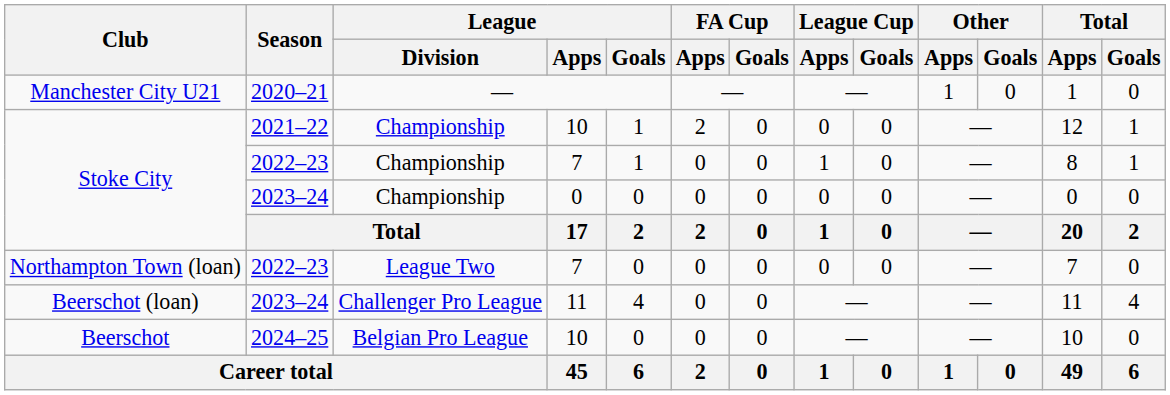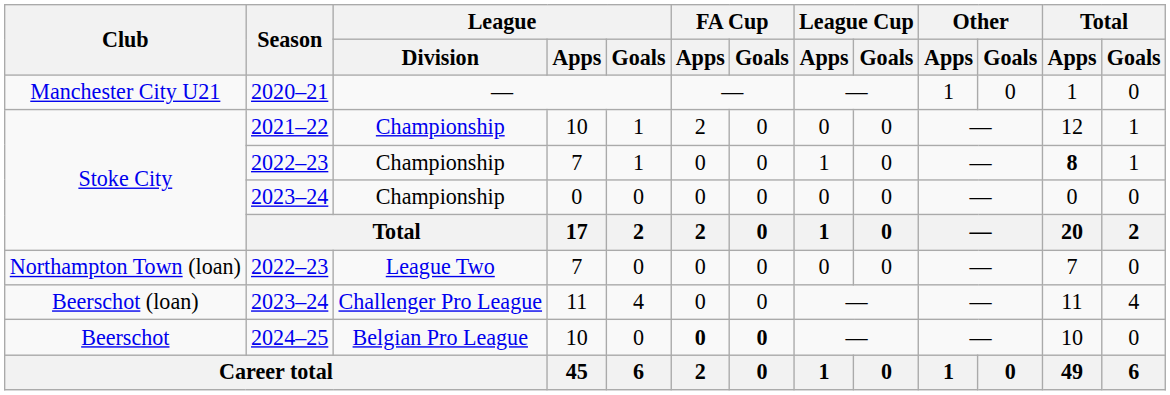 <table class="wikitable" style="text-align: center;">
 <tr>
 <th rowspan="2">Club</th>
 <th rowspan="2">Season</th>
 <th colspan="3">League</th>
 <th colspan="2">FA Cup</th>
 <th colspan="2">League Cup</th>
 <th colspan="2">Other</th>
 <th colspan="2">Total</th>
 </tr>
 <tr>
 <th>Division</th>
 <th>Apps</th>
 <th>Goals</th>
 <th>Apps</th>
 <th>Goals</th>
 <th>Apps</th>
 <th>Goals</th>
 <th>Apps</th>
 <th>Goals</th>
 <th>Apps</th>
 <th>Goals</th>
 </tr>
 <tr>
 <td><a href='#'>Manchester City U21</a></td>
 <td><a href='#'>2020–21</a></td>
 <td colspan=3>—</td>
 <td colspan=2>—</td>
 <td colspan=2>—</td>
 <td>1</td>
 <td>0</td>
 <td>1</td>
 <td>0</td>
 </tr>
 <tr>
 <td rowspan=4><a href='#'>Stoke City</a></td>
 <td><a href='#'>2021–22</a></td>
 <td><a href='#'>Championship</a></td>
 <td>10</td>
 <td>1</td>
 <td>2</td>
 <td>0</td>
 <td>0</td>
 <td>0</td>
 <td colspan=2>—</td>
 <td>12</td>
 <td>1</td>
 </tr>
 <tr>
 <td><a href='#'>2022–23</a></td>
 <td>Championship</td>
 <td>7</td>
 <td>1</td>
 <td>0</td>
 <td>0</td>
 <td>1</td>
 <td>0</td>
 <td colspan=2>—</td>
-<td>8</td>
+<td><strong>8</strong></td>
 <td>1</td>
 </tr>
 <tr>
 <td><a href='#'>2023–24</a></td>
 <td>Championship</td>
 <td>0</td>
 <td>0</td>
 <td>0</td>
 <td>0</td>
 <td>0</td>
 <td>0</td>
 <td colspan=2>—</td>
 <td>0</td>
 <td>0</td>
 </tr>
 <tr>
 <th colspan=2>Total</th>
 <th>17</th>
 <th>2</th>
 <th>2</th>
 <th>0</th>
 <th>1</th>
 <th>0</th>
 <th colspan=2>—</th>
 <th>20</th>
 <th>2</th>
 </tr>
 <tr>
 <td><a href='#'>Northampton Town</a> (loan)</td>
 <td><a href='#'>2022–23</a></td>
 <td><a href='#'>League Two</a></td>
 <td>7</td>
 <td>0</td>
 <td>0</td>
 <td>0</td>
 <td>0</td>
 <td>0</td>
 <td colspan=2>—</td>
 <td>7</td>
 <td>0</td>
 </tr>
 <tr>
 <td><a href='#'>Beerschot</a> (loan)</td>
 <td><a href='#'>2023–24</a></td>
 <td><a href='#'>Challenger Pro League</a></td>
 <td>11</td>
 <td>4</td>
 <td>0</td>
 <td>0</td>
 <td colspan=2>—</td>
 <td colspan=2>—</td>
 <td>11</td>
 <td>4</td>
 </tr>
 <tr>
 <td><a href='#'>Beerschot</a></td>
 <td><a href='#'>2024–25</a></td>
 <td><a href='#'>Belgian Pro League</a></td>
 <td>10</td>
 <td>0</td>
-<td>0</td>
-<td>0</td>
+<td><strong>0</strong></td>
+<td><strong>0</strong></td>
 <td colspan=2>—</td>
 <td colspan=2>—</td>
 <td>10</td>
 <td>0</td>
 </tr>
 <tr>
 <th colspan="3">Career total</th>
 <th>45</th>
 <th>6</th>
 <th>2</th>
 <th>0</th>
 <th>1</th>
 <th>0</th>
 <th>1</th>
 <th>0</th>
 <th>49</th>
 <th>6</th>
 </tr>
 </table>
